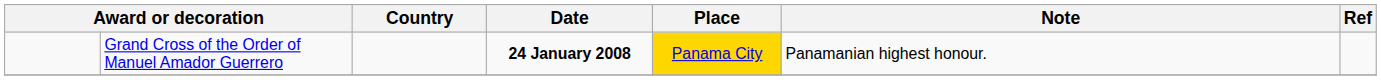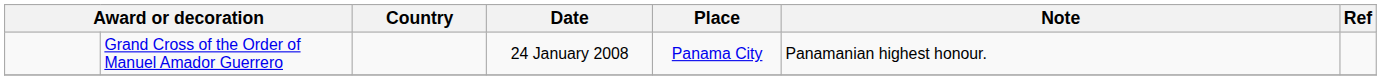 <table class="wikitable" style="text-align:left;">
 <tr ->
 <th colspan=2 width="490px">Award or decoration</th>
 <th width="110px">Country</th>
 <th width="110px">Date</th>
 <th width="110px">Place</th>
 <th width="500px">Note</th>
 <th>Ref</th>
 </tr>
 <tr>
 <td width="80px"></td>
 <td style="font-size:90%;"><a href='#'>Grand Cross of the Order of Manuel Amador Guerrero</a></td>
 <td style="width:8em; font-size:90%;"></td>
-<td align="center" style="width:10em; font-size:90%;"><strong>24 January 2008</strong></td>
-<td align="center" style="background: gold; font-size:90%;"><a href='#'>Panama City</a></td>
+<td align="center" style="width:10em; font-size:90%;">24 January 2008</td>
+<td align="center" style="font-size:90%;"><a href='#'>Panama City</a></td>
 <td style="font-size:90%;">Panamanian highest honour.</td>
 <td style="font-size:90%;"></td>
 </tr>
 <tr>
 </tr>
 </table>
